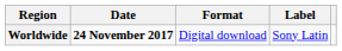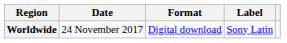 <table class="wikitable plainrowheaders">
 <tr>
 <th scope="col">Region</th>
 <th scope="col">Date</th>
 <th scope="col">Format</th>
 <th scope="col">Label</th>
 <th scope="col"></th>
 </tr>
 <tr>
 <th scope="row" rowspan="3">Worldwide</th>
-<td><strong>24 November 2017</strong></td>
+<td>24 November 2017</td>
 <td><a href='#'>Digital download</a></td>
 <td rowspan="3"><a href='#'>Sony Latin</a></td>
 <td></td>
 </tr>
 </table>
